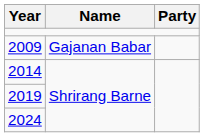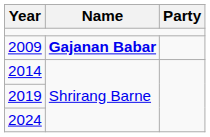 <table class="wikitable">
 <tr>
 <th>Year</th>
 <th>Name</th>
 <th colspan="2">Party</th>
 </tr>
 <tr>
 <td colspan="4"></td>
 </tr>
 <tr>
 <td><a href='#'>2009</a></td>
-<td><a href='#'>Gajanan Babar</a></td>
+<td><strong><a href='#'>Gajanan Babar</a></strong></td>
 <td></td>
 </tr>
 <tr>
 <td><a href='#'>2014</a></td>
 <td rowspan="3"><a href='#'>Shrirang Barne</a></td>
 </tr>
 <tr>
 <td><a href='#'>2019</a></td>
 </tr>
 <tr>
 <td><a href='#'>2024</a></td>
 </tr>
 </table>
